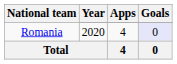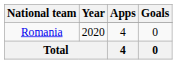 <table class="wikitable" style="text-align: center;">
 <tr>
 <th>National team</th>
 <th>Year</th>
 <th>Apps</th>
 <th>Goals</th>
 </tr>
 <tr>
 <td rowspan="2"><a href='#'>Romania</a></td>
 </tr>
 <tr>
 <td>2020</td>
 <td>4</td>
-<td style="background: lavender;">0</td>
+<td>0</td>
 </tr>
 <tr>
 <th colspan="2">Total</th>
 <th>4</th>
 <th>0</th>
 </tr>
 </table>
